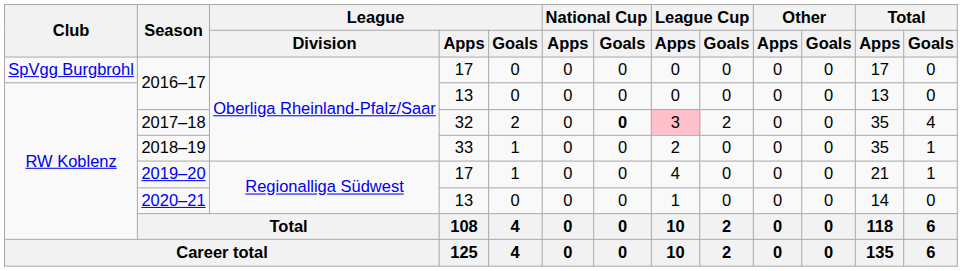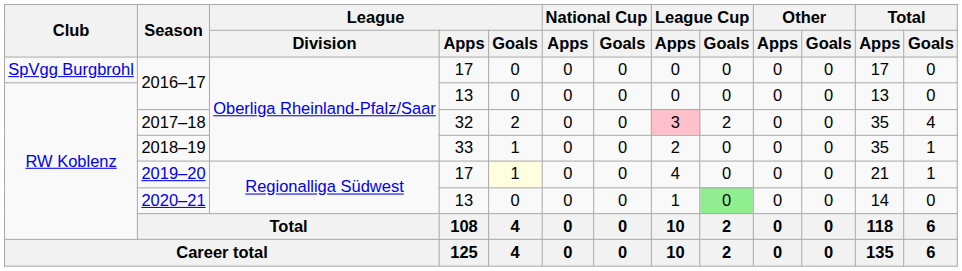 <table class="wikitable" style="text-align: center">
 <tr>
 <th rowspan="2">Club</th>
 <th rowspan="2">Season</th>
 <th colspan="3">League</th>
 <th colspan="2">National Cup</th>
 <th colspan="2">League Cup</th>
 <th colspan="2">Other</th>
 <th colspan="2">Total</th>
 </tr>
 <tr>
 <th>Division</th>
 <th>Apps</th>
 <th>Goals</th>
 <th>Apps</th>
 <th>Goals</th>
 <th>Apps</th>
 <th>Goals</th>
 <th>Apps</th>
 <th>Goals</th>
 <th>Apps</th>
 <th>Goals</th>
 </tr>
 <tr>
 <td><a href='#'>SpVgg Burgbrohl</a></td>
 <td rowspan="2">2016–17</td>
 <td rowspan="4"><a href='#'>Oberliga Rheinland-Pfalz/Saar</a></td>
 <td>17</td>
 <td>0</td>
 <td>0</td>
 <td>0</td>
 <td>0</td>
 <td>0</td>
 <td>0</td>
 <td>0</td>
 <td>17</td>
 <td>0</td>
 </tr>
 <tr>
 <td rowspan="6"><a href='#'>RW Koblenz</a></td>
 <td>13</td>
 <td>0</td>
 <td>0</td>
 <td>0</td>
 <td>0</td>
 <td>0</td>
 <td>0</td>
 <td>0</td>
 <td>13</td>
 <td>0</td>
 </tr>
 <tr>
 <td>2017–18</td>
 <td>32</td>
 <td>2</td>
 <td>0</td>
-<td><strong>0</strong></td>
+<td>0</td>
 <td style="background: pink;">3</td>
 <td>2</td>
 <td>0</td>
 <td>0</td>
 <td>35</td>
 <td>4</td>
 </tr>
 <tr>
 <td>2018–19</td>
 <td>33</td>
 <td>1</td>
 <td>0</td>
 <td>0</td>
 <td>2</td>
 <td>0</td>
 <td>0</td>
 <td>0</td>
 <td>35</td>
 <td>1</td>
 </tr>
 <tr>
 <td><a href='#'>2019–20</a></td>
 <td rowspan="2"><a href='#'>Regionalliga Südwest</a></td>
 <td>17</td>
-<td>1</td>
+<td style="background: lightyellow;">1</td>
 <td>0</td>
 <td>0</td>
 <td>4</td>
 <td>0</td>
 <td>0</td>
 <td>0</td>
 <td>21</td>
 <td>1</td>
 </tr>
 <tr>
 <td><a href='#'>2020–21</a></td>
 <td>13</td>
 <td>0</td>
 <td>0</td>
 <td>0</td>
 <td>1</td>
-<td>0</td>
+<td style="background: lightgreen;">0</td>
 <td>0</td>
 <td>0</td>
 <td>14</td>
 <td>0</td>
 </tr>
 <tr>
 <th colspan="2"><strong>Total</strong></th>
 <th>108</th>
 <th>4</th>
 <th>0</th>
 <th>0</th>
 <th>10</th>
 <th>2</th>
 <th>0</th>
 <th>0</th>
 <th>118</th>
 <th>6</th>
 </tr>
 <tr>
 <th colspan="3"><strong>Career total</strong></th>
 <th>125</th>
 <th>4</th>
 <th>0</th>
 <th>0</th>
 <th>10</th>
 <th>2</th>
 <th>0</th>
 <th>0</th>
 <th>135</th>
 <th>6</th>
 </tr>
 </table>
